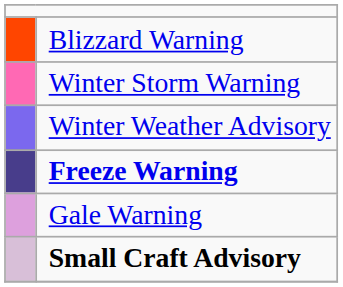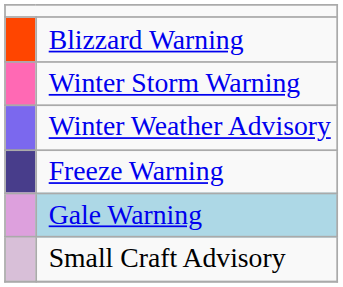 <table class="wikitable"  style="float:right; margin:1em; margin-top:0;">
 <tr>
 <td colspan="6" style="text-align:center;"></td>
 </tr>
 <tr>
 <td style="width:10px; height:10px; background:#FF4500;"></td>
 <td> <a href='#'>Blizzard Warning</a></td>
 </tr>
 <tr>
 <td style="width:10px; height:10px; background:#ff69b4;"></td>
 <td> <a href='#'>Winter Storm Warning</a></td>
 </tr>
 <tr>
 <td style="width:10px; height:10px; background:#7b68ee;"></td>
 <td> <a href='#'>Winter Weather Advisory</a></td>
 </tr>
 <tr>
 <td style="width:10px; height:10px; background:#483D8B;"></td>
-<td><strong> <a href='#'>Freeze Warning</a></strong></td>
+<td> <a href='#'>Freeze Warning</a></td>
 </tr>
 <tr>
 <td style="width:10px; height:10px; background:#DDA0DD;"></td>
-<td> <a href='#'>Gale Warning</a></td>
+<td style="background: lightblue;"> <a href='#'>Gale Warning</a></td>
 </tr>
 <tr>
 <td style="width:10px; height:10px; background:#D8BFD8;"></td>
-<td><strong> Small Craft Advisory</strong></td>
+<td> Small Craft Advisory</td>
 </tr>
 <tr>
 </tr>
 </table>
